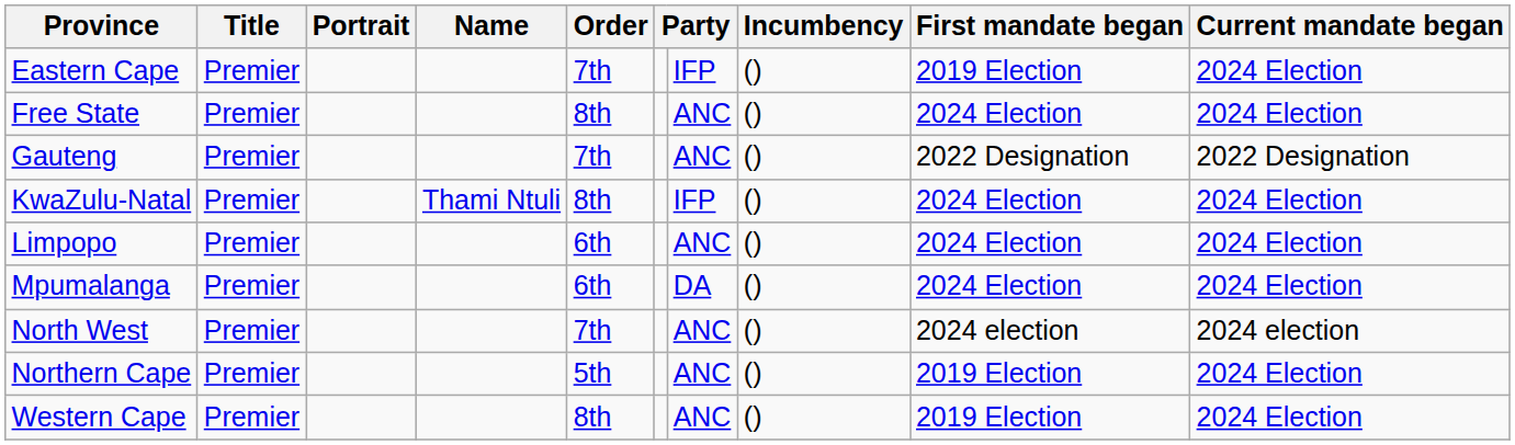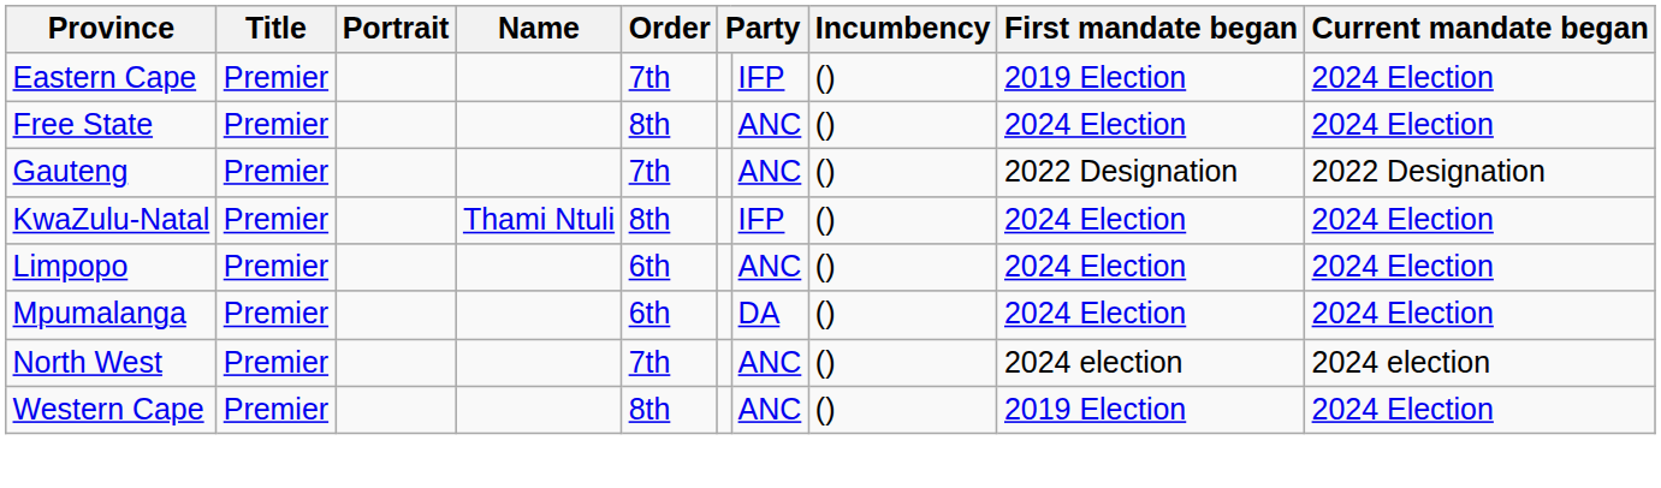 <table class="wikitable sortable">
 <tr>
 <th>Province</th>
 <th>Title</th>
 <th>Portrait</th>
 <th>Name</th>
 <th>Order</th>
 <th colspan=2>Party</th>
 <th>Incumbency</th>
 <th>First mandate began</th>
 <th>Current mandate began</th>
 </tr>
 <tr>
 <td><a href='#'>Eastern Cape</a></td>
 <td><a href='#'>Premier</a></td>
 <td></td>
 <td></td>
 <td><a href='#'>7th</a></td>
 <td style="background:"></td>
 <td><a href='#'>IFP</a></td>
 <td> ()</td>
 <td><a href='#'>2019 Election</a></td>
 <td><a href='#'>2024 Election</a></td>
 </tr>
 <tr>
 <td><a href='#'>Free State</a></td>
 <td><a href='#'>Premier</a></td>
 <td></td>
 <td></td>
 <td><a href='#'>8th</a></td>
 <td style="background:"></td>
 <td><a href='#'>ANC</a></td>
 <td> ()</td>
 <td> <a href='#'>2024 Election</a></td>
 <td> <a href='#'>2024 Election</a></td>
 </tr>
 <tr>
 <td><a href='#'>Gauteng</a></td>
 <td><a href='#'>Premier</a></td>
 <td></td>
 <td></td>
 <td><a href='#'>7th</a></td>
 <td style="background:"></td>
 <td><a href='#'>ANC</a></td>
 <td> ()</td>
 <td> 2022 Designation</td>
 <td> 2022 Designation</td>
 </tr>
 <tr>
 <td><a href='#'>KwaZulu-Natal</a></td>
 <td><a href='#'>Premier</a></td>
 <td></td>
 <td><a href='#'>Thami Ntuli</a></td>
 <td><a href='#'>8th</a></td>
 <td style="background:"></td>
 <td><a href='#'>IFP</a></td>
 <td> ()</td>
 <td> <a href='#'>2024 Election</a></td>
 <td> <a href='#'>2024 Election</a></td>
 </tr>
 <tr>
 <td><a href='#'>Limpopo</a></td>
 <td><a href='#'>Premier</a></td>
 <td></td>
 <td></td>
 <td><a href='#'>6th</a></td>
 <td style="background:"></td>
 <td><a href='#'>ANC</a></td>
 <td> ()</td>
 <td><a href='#'>2024 Election</a></td>
 <td><a href='#'>2024 Election</a></td>
 </tr>
 <tr>
 <td><a href='#'>Mpumalanga</a></td>
 <td><a href='#'>Premier</a></td>
 <td></td>
 <td></td>
 <td><a href='#'>6th</a></td>
 <td style="background:"></td>
 <td><a href='#'>DA</a></td>
 <td> ()</td>
 <td><a href='#'>2024 Election</a></td>
 <td><a href='#'>2024 Election</a></td>
 </tr>
 <tr>
 <td><a href='#'>North West</a></td>
 <td><a href='#'>Premier</a></td>
 <td></td>
 <td></td>
 <td><a href='#'>7th</a></td>
 <td style="background:"></td>
 <td><a href='#'>ANC</a></td>
 <td> ()</td>
 <td>2024 election</td>
 <td> 2024 election</td>
 </tr>
 <tr>
-<td><a href='#'>Northern Cape</a></td>
-<td><a href='#'>Premier</a></td>
-<td></td>
-<td></td>
-<td><a href='#'>5th</a></td>
-<td style="background:"></td>
-<td><a href='#'>ANC</a></td>
-<td> ()</td>
-<td><a href='#'>2019 Election</a></td>
-<td><a href='#'>2024 Election</a></td>
-</tr>
-<tr>
 <td><a href='#'>Western Cape</a></td>
 <td><a href='#'>Premier</a></td>
 <td></td>
 <td></td>
 <td><a href='#'>8th</a></td>
 <td style="background:"></td>
 <td><a href='#'>ANC</a></td>
 <td> ()</td>
 <td><a href='#'>2019 Election</a></td>
 <td><a href='#'>2024 Election</a></td>
 </tr>
 </table>
